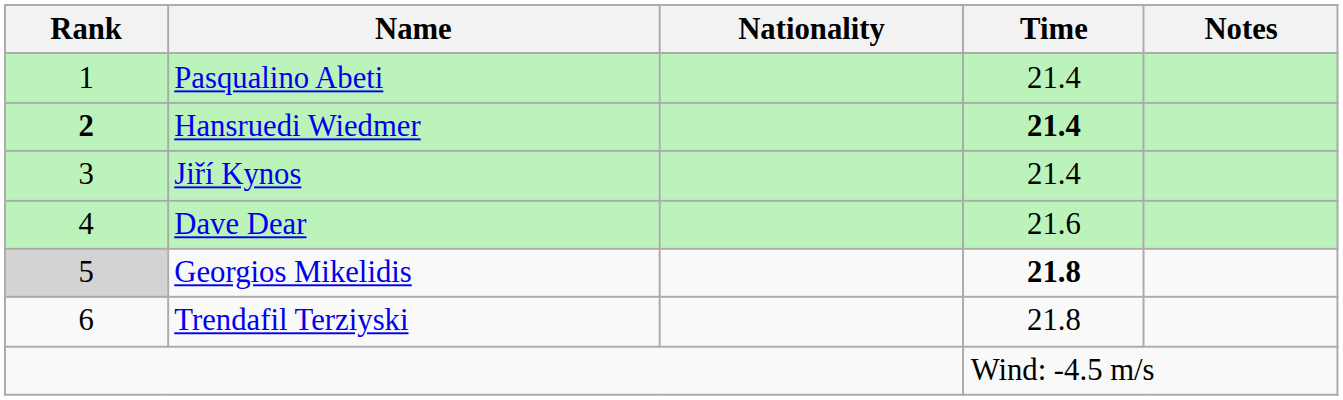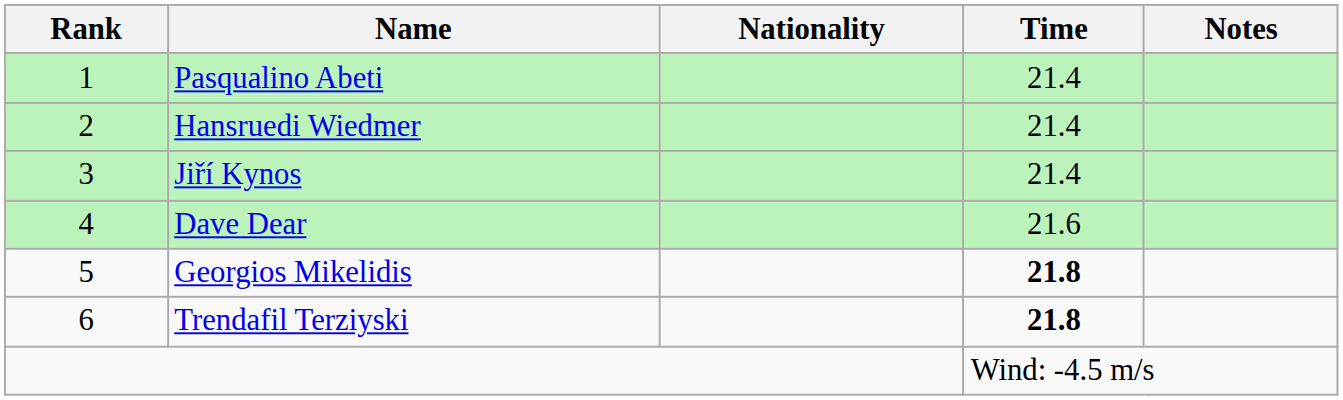 <table class="wikitable sortable" style="text-align:center;width: 55%">
 <tr>
 <th>Rank</th>
 <th>Name</th>
 <th>Nationality</th>
 <th>Time</th>
 <th>Notes</th>
 </tr>
 <tr bgcolor=bbf3bb>
 <td>1</td>
 <td align=left><a href='#'>Pasqualino Abeti</a></td>
 <td align=left></td>
 <td>21.4</td>
 <td></td>
 </tr>
 <tr bgcolor=bbf3bb>
-<td><strong>2</strong></td>
+<td>2</td>
 <td align=left><a href='#'>Hansruedi Wiedmer</a></td>
 <td align=left></td>
-<td><strong>21.4</strong></td>
+<td>21.4</td>
 <td></td>
 </tr>
 <tr bgcolor=bbf3bb>
 <td>3</td>
 <td align=left><a href='#'>Jiří Kynos</a></td>
 <td align=left></td>
 <td>21.4</td>
 <td></td>
 </tr>
 <tr bgcolor=bbf3bb>
 <td>4</td>
 <td align=left><a href='#'>Dave Dear</a></td>
 <td align=left></td>
 <td>21.6</td>
 <td></td>
 </tr>
 <tr>
-<td style="background: lightgrey;">5</td>
+<td>5</td>
 <td align=left><a href='#'>Georgios Mikelidis</a></td>
 <td align=left></td>
 <td><strong>21.8</strong></td>
 <td></td>
 </tr>
 <tr>
 <td>6</td>
 <td align=left><a href='#'>Trendafil Terziyski</a></td>
 <td align=left></td>
-<td>21.8</td>
+<td><strong>21.8</strong></td>
 <td></td>
 </tr>
 <tr class="sortbottom">
 <td colspan="3"></td>
 <td colspan="2" style="text-align:left;">Wind: -4.5 m/s</td>
 </tr>
 </table>
